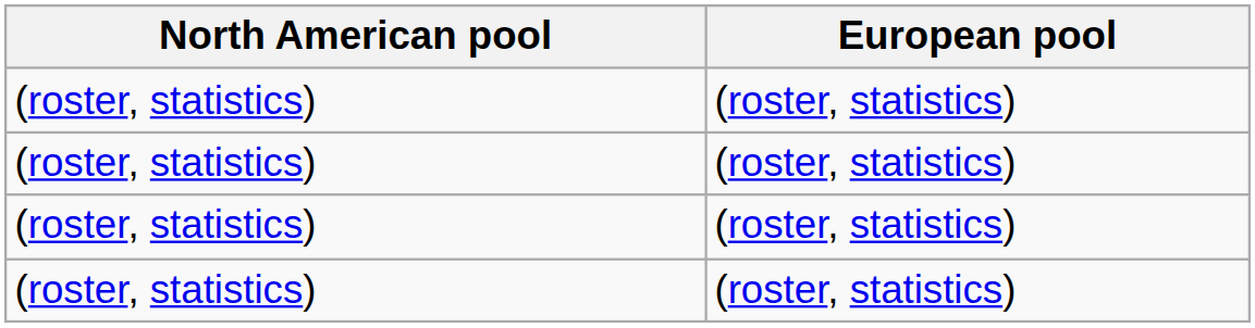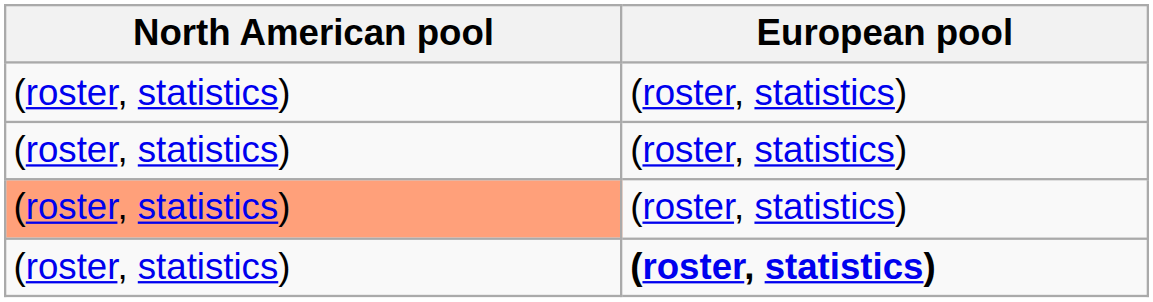 <table class="wikitable" style="width:500px;">
 <tr>
 <th>North American pool</th>
 <th>European pool</th>
 </tr>
 <tr>
 <td> (<a href='#'>roster</a>, <a href='#'>statistics</a>)</td>
 <td> (<a href='#'>roster</a>, <a href='#'>statistics</a>)</td>
 </tr>
 <tr>
 <td> (<a href='#'>roster</a>, <a href='#'>statistics</a>)</td>
 <td> (<a href='#'>roster</a>, <a href='#'>statistics</a>)</td>
 </tr>
 <tr>
-<td> (<a href='#'>roster</a>, <a href='#'>statistics</a>)</td>
+<td style="background: lightsalmon;"> (<a href='#'>roster</a>, <a href='#'>statistics</a>)</td>
 <td> (<a href='#'>roster</a>, <a href='#'>statistics</a>)</td>
 </tr>
 <tr>
 <td> (<a href='#'>roster</a>, <a href='#'>statistics</a>)</td>
-<td> (<a href='#'>roster</a>, <a href='#'>statistics</a>)</td>
+<td><strong> (<a href='#'>roster</a>, <a href='#'>statistics</a>)</strong></td>
 </tr>
 </table>
